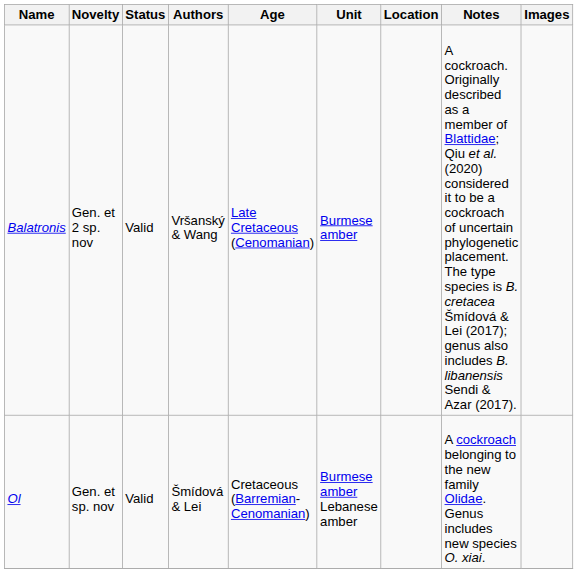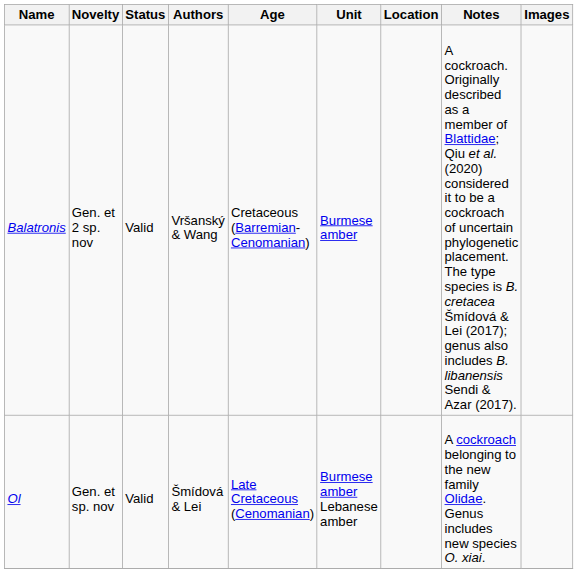 <table class="wikitable sortable" align="center" width="100%">
 <tr>
 <th>Name</th>
 <th>Novelty</th>
 <th>Status</th>
 <th>Authors</th>
 <th>Age</th>
 <th>Unit</th>
 <th>Location</th>
 <th>Notes</th>
 <th>Images</th>
 </tr>
 <tr>
 <td><br><em><a href='#'>Balatronis</a></em></td>
 <td><br>Gen. et 2 sp. nov</td>
 <td><br>Valid</td>
 <td><br>Vršanský & Wang</td>
-<td><br><a href='#'>Late Cretaceous</a> (<a href='#'>Cenomanian</a>)</td>
+<td><br>Cretaceous (<a href='#'>Barremian</a>-<a href='#'>Cenomanian</a>)</td>
 <td><br><a href='#'>Burmese amber</a></td>
 <td><br><br> </td>
 <td><br>A cockroach. Originally described as a member of <a href='#'>Blattidae</a>; Qiu <em>et al.</em> (2020) considered it to be a cockroach of uncertain phylogenetic placement. The type species is <em>B. cretacea</em> Šmídová & Lei (2017); genus also includes <em>B. libanensis</em> Sendi & Azar (2017).</td>
 <td></td>
 </tr>
 <tr>
 <td><br><em><a href='#'>Ol</a></em></td>
 <td><br>Gen. et sp. nov</td>
 <td><br>Valid</td>
 <td><br>Šmídová & Lei</td>
-<td><br>Cretaceous (<a href='#'>Barremian</a>-<a href='#'>Cenomanian</a>)</td>
+<td><br><a href='#'>Late Cretaceous</a> (<a href='#'>Cenomanian</a>)</td>
 <td><br><a href='#'>Burmese amber</a><br> Lebanese amber</td>
 <td><br></td>
 <td><br>A <a href='#'>cockroach</a> belonging to the new family <a href='#'>Olidae</a>. Genus includes new species <em>O. xiai</em>.</td>
 <td></td>
 </tr>
 <tr>
 </tr>
 </table>
